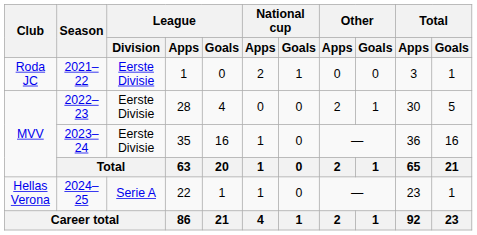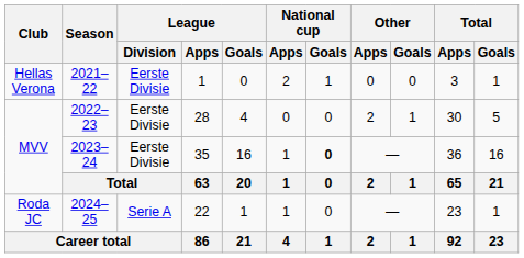 <table class="wikitable" style="text-align:center">
 <tr>
 <th rowspan="2">Club</th>
 <th rowspan="2">Season</th>
 <th colspan="3">League</th>
 <th colspan="2">National cup</th>
 <th colspan="2">Other</th>
 <th colspan="2">Total</th>
 </tr>
 <tr>
 <th>Division</th>
 <th>Apps</th>
 <th>Goals</th>
 <th>Apps</th>
 <th>Goals</th>
 <th>Apps</th>
 <th>Goals</th>
 <th>Apps</th>
 <th>Goals</th>
 </tr>
 <tr>
-<td><a href='#'>Roda JC</a></td>
+<td><a href='#'>Hellas Verona</a></td>
 <td><a href='#'>2021–22</a></td>
 <td><a href='#'>Eerste Divisie</a></td>
 <td>1</td>
 <td>0</td>
 <td>2</td>
 <td>1</td>
 <td>0</td>
 <td>0</td>
 <td>3</td>
 <td>1</td>
 </tr>
 <tr>
 <td rowspan="3"><a href='#'>MVV</a></td>
 <td><a href='#'>2022–23</a></td>
 <td>Eerste Divisie</td>
 <td>28</td>
 <td>4</td>
 <td>0</td>
 <td>0</td>
 <td>2</td>
 <td>1</td>
 <td>30</td>
 <td>5</td>
 </tr>
 <tr>
 <td><a href='#'>2023–24</a></td>
 <td>Eerste Divisie</td>
 <td>35</td>
 <td>16</td>
 <td>1</td>
-<td>0</td>
+<td><strong>0</strong></td>
 <td colspan="2">—</td>
 <td>36</td>
 <td>16</td>
 </tr>
 <tr>
 <th colspan="2">Total</th>
 <th>63</th>
 <th>20</th>
 <th>1</th>
 <th>0</th>
 <th>2</th>
 <th>1</th>
 <th>65</th>
 <th>21</th>
 </tr>
 <tr>
-<td><a href='#'>Hellas Verona</a></td>
+<td><a href='#'>Roda JC</a></td>
 <td><a href='#'>2024–25</a></td>
 <td><a href='#'>Serie A</a></td>
 <td>22</td>
 <td>1</td>
 <td>1</td>
 <td>0</td>
 <td colspan="2">—</td>
 <td>23</td>
 <td>1</td>
 </tr>
 <tr>
 <th colspan="3">Career total</th>
 <th>86</th>
 <th>21</th>
 <th>4</th>
 <th>1</th>
 <th>2</th>
 <th>1</th>
 <th>92</th>
 <th>23</th>
 </tr>
 </table>
